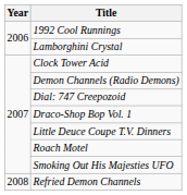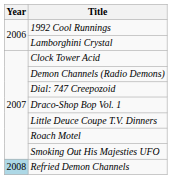 <table class="wikitable">
 <tr>
 <th>Year</th>
 <th>Title</th>
 </tr>
 <tr>
 <td rowspan="2">2006</td>
 <td><em>1992 Cool Runnings</em></td>
 </tr>
 <tr>
 <td><em>Lamborghini Crystal</em></td>
 </tr>
 <tr>
 <td rowspan="7">2007</td>
 <td><em>Clock Tower Acid</em></td>
 </tr>
 <tr>
 <td><em>Demon Channels (Radio Demons)</em></td>
 </tr>
 <tr>
 <td><em>Dial: 747 Creepozoid</em></td>
 </tr>
 <tr>
 <td><em>Draco-Shop Bop Vol. 1</em></td>
 </tr>
 <tr>
 <td><em>Little Deuce Coupe T.V. Dinners</em></td>
 </tr>
 <tr>
 <td><em>Roach Motel</em></td>
 </tr>
 <tr>
 <td><em>Smoking Out His Majesties UFO</em></td>
 </tr>
 <tr>
-<td>2008</td>
+<td style="background: lightblue;">2008</td>
 <td><em>Refried Demon Channels</em></td>
 </tr>
 </table>
